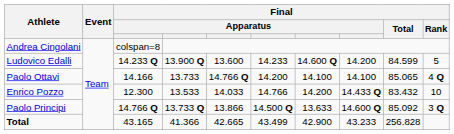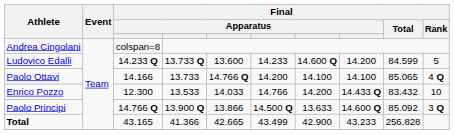 <table class="wikitable" style="font-size:90%">
 <tr>
 <th rowspan=3>Athlete</th>
 <th rowspan=3>Event</th>
 <th colspan =8>Final</th>
 </tr>
 <tr style="font-size:95%">
 <th colspan=6>Apparatus</th>
 <th rowspan=2>Total</th>
 <th rowspan=2>Rank</th>
 </tr>
 <tr style="font-size:95%">
 <th></th>
 <th></th>
 <th></th>
 <th></th>
 <th></th>
 <th></th>
 </tr>
 <tr align=center>
 <td align=left><a href='#'>Andrea Cingolani</a></td>
 <td align=left rowspan=6><a href='#'>Team</a></td>
 <td>colspan=8 </td>
 </tr>
 <tr align=center>
 <td align=left><a href='#'>Ludovico Edalli</a></td>
 <td>14.233 <strong>Q</strong></td>
-<td>13.900 <strong>Q</strong></td>
+<td>13.733 <strong>Q</strong></td>
 <td>13.600</td>
 <td>14.233</td>
 <td>14.600 <strong>Q</strong></td>
 <td>14.200</td>
 <td>84.599</td>
 <td>5</td>
 </tr>
 <tr align=center>
 <td align=left><a href='#'>Paolo Ottavi</a></td>
 <td>14.166</td>
 <td>13.733</td>
 <td>14.766 <strong>Q</strong></td>
 <td>14.200</td>
 <td>14.100</td>
 <td>14.100</td>
 <td>85.065</td>
 <td>4 <strong>Q</strong></td>
 </tr>
 <tr align=center>
 <td align=left><a href='#'>Enrico Pozzo</a></td>
 <td>12.300</td>
 <td>13.533</td>
 <td>14.033</td>
 <td>14.766</td>
 <td>14.200</td>
 <td>14.433 <strong>Q</strong></td>
 <td>83.432</td>
 <td>10</td>
 </tr>
 <tr align=center>
 <td align=left><a href='#'>Paolo Principi</a></td>
 <td>14.766 <strong>Q</strong></td>
-<td>13.733 <strong>Q</strong></td>
+<td>13.900 <strong>Q</strong></td>
 <td>13.866</td>
 <td>14.500 <strong>Q</strong></td>
 <td>13.633</td>
 <td>14.600 <strong>Q</strong></td>
 <td>85.092</td>
 <td>3 <strong>Q</strong></td>
 </tr>
 <tr align=center>
 <td align=left><strong>Total</strong></td>
 <td>43.165</td>
 <td>41.366</td>
 <td>42.665</td>
 <td>43.499</td>
 <td>42.900</td>
 <td>43.233</td>
 <td>256.828</td>
 <td></td>
 </tr>
 </table>
